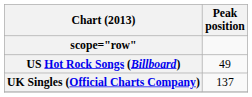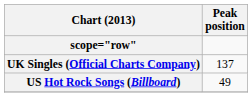 <table class="wikitable sortable plainrowheaders">
 <tr>
 <th>Chart (2013)</th>
 <th>Peak<br>position</th>
 </tr>
 <tr>
 <th>scope="row" </th>
 </tr>
 <tr>
+<th scope="row">UK Singles (<a href='#'>Official Charts Company</a>)</th>
+<td style="text-align:center;">137</td>
+</tr>
+<tr>
 <th scope="row">US <a href='#'>Hot Rock Songs</a> (<em><a href='#'>Billboard</a></em>)</th>
 <td style="text-align:center;">49</td>
-</tr>
-<tr>
-<th scope="row">UK Singles (<a href='#'>Official Charts Company</a>)</th>
-<td style="text-align:center;">137</td>
 </tr>
 <tr>
 </tr>
 <tr>
 </tr>
 </table>
